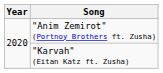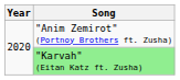 <table class="wikitable">
 <tr>
 <th>Year</th>
 <th>Song</th>
 </tr>
 <tr>
 <td rowspan="2">2020</td>
 <td>"Anim Zemirot"<br><small>(<a href='#'>Portnoy Brothers</a> ft. Zusha)</small></td>
 </tr>
 <tr>
-<td>"Karvah"<br><small>(Eitan Katz ft. Zusha)</small></td>
+<td style="background: lightgreen;">"Karvah"<br><small>(Eitan Katz ft. Zusha)</small></td>
 </tr>
 </table>
